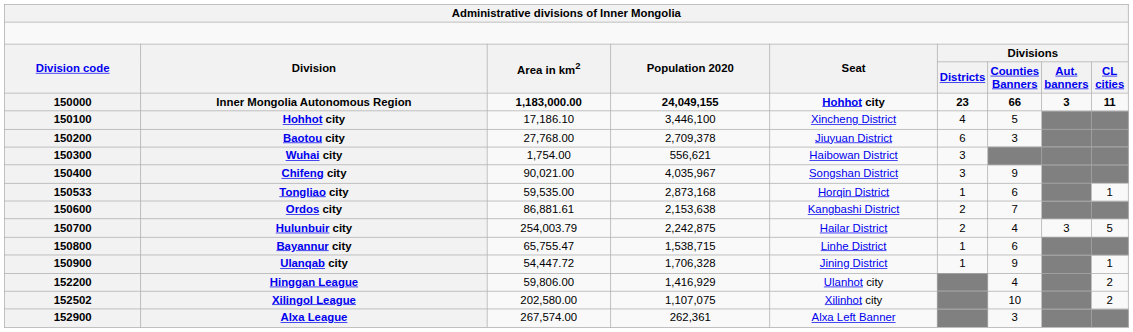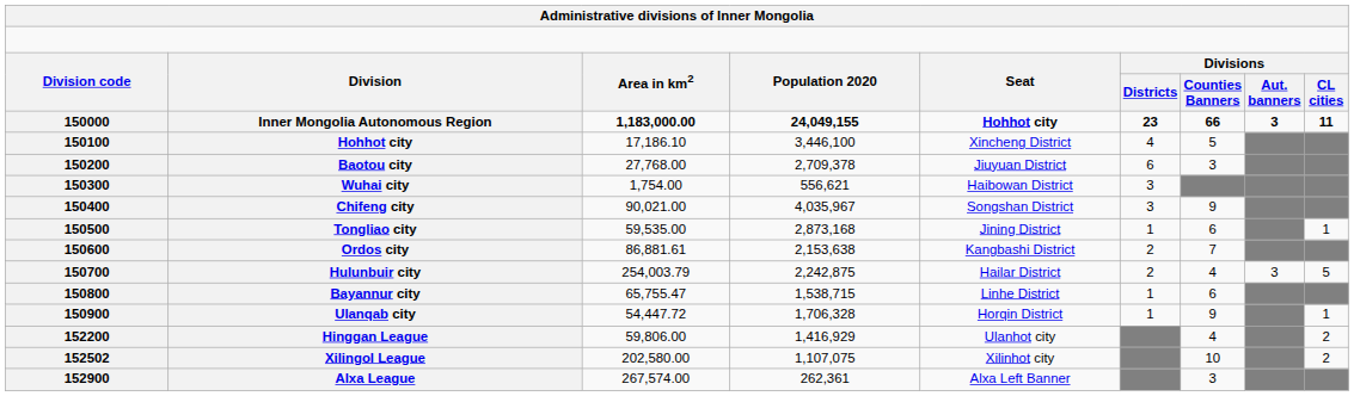 <table class="wikitable sortable" style="margin:1em auto 1em auto; width:100%; font-size:normal; text-align:center">
 <tr>
 <th colspan="9">Administrative divisions of Inner Mongolia</th>
 </tr>
 <tr>
 <td colspan="9" style="font-size:larger;"><div><br>                </div></td>
 </tr>
 <tr>
 <th ! scope="col" rowspan="2"><a href='#'>Division code</a></th>
 <th ! scope="col" rowspan="2">Division</th>
 <th ! scope="col" rowspan="2">Area in km<sup>2</sup></th>
 <th ! scope="col" rowspan="2">Population 2020</th>
 <th ! scope="col" rowspan="2">Seat</th>
 <th ! scope="col" colspan="4">Divisions</th>
 </tr>
 <tr>
 <th ! scope="col" width="45"><a href='#'>Districts</a></th>
 <th ! scope="col" width="45"><a href='#'>Counties</a> <a href='#'>Banners</a></th>
 <th ! scope="col" width="45"><a href='#'>Aut. banners</a></th>
 <th ! scope="col" width="45"><a href='#'>CL cities</a></th>
 </tr>
 <tr style="font-weight: bold">
 <th>150000</th>
 <th>Inner Mongolia Autonomous Region</th>
 <td>1,183,000.00</td>
 <td>24,049,155</td>
 <td><a href='#'>Hohhot</a> city</td>
 <td>23</td>
 <td>66</td>
 <td>3</td>
 <td>11</td>
 </tr>
 <tr>
 <th>150100</th>
 <th><a href='#'>Hohhot</a> city</th>
 <td>17,186.10</td>
 <td>3,446,100</td>
 <td><a href='#'>Xincheng District</a></td>
 <td>4</td>
 <td>5</td>
 <td bgcolor="grey"></td>
 <td bgcolor="grey"></td>
 </tr>
 <tr>
 <th>150200</th>
 <th><a href='#'>Baotou</a> city</th>
 <td>27,768.00</td>
 <td>2,709,378</td>
 <td><a href='#'>Jiuyuan District</a></td>
 <td>6</td>
 <td>3</td>
 <td bgcolor="grey"></td>
 <td bgcolor="grey"></td>
 </tr>
 <tr>
 <th>150300</th>
 <th><a href='#'>Wuhai</a> city</th>
 <td>1,754.00</td>
 <td>556,621</td>
 <td><a href='#'>Haibowan District</a></td>
 <td>3</td>
 <td bgcolor="grey"></td>
 <td bgcolor="grey"></td>
 <td bgcolor="grey"></td>
 </tr>
 <tr>
 <th>150400</th>
 <th><a href='#'>Chifeng</a> city</th>
 <td>90,021.00</td>
 <td>4,035,967</td>
 <td><a href='#'>Songshan District</a></td>
 <td>3</td>
 <td>9</td>
 <td bgcolor="grey"></td>
 <td bgcolor="grey"></td>
 </tr>
 <tr>
-<th>150533</th>
+<th>150500</th>
 <th><a href='#'>Tongliao</a> city</th>
 <td>59,535.00</td>
 <td>2,873,168</td>
-<td><a href='#'>Horqin District</a></td>
+<td><a href='#'>Jining District</a></td>
 <td>1</td>
 <td>6</td>
 <td bgcolor="grey"></td>
 <td>1</td>
 </tr>
 <tr>
 <th>150600</th>
 <th><a href='#'>Ordos</a> city</th>
 <td>86,881.61</td>
 <td>2,153,638</td>
 <td><a href='#'>Kangbashi District</a></td>
 <td>2</td>
 <td>7</td>
 <td bgcolor="grey"></td>
 <td bgcolor="grey"></td>
 </tr>
 <tr>
 <th>150700</th>
 <th><a href='#'>Hulunbuir</a> city</th>
 <td>254,003.79</td>
 <td>2,242,875</td>
 <td><a href='#'>Hailar District</a></td>
 <td>2</td>
 <td>4</td>
 <td>3</td>
 <td>5</td>
 </tr>
 <tr>
 <th>150800</th>
 <th><a href='#'>Bayannur</a> city</th>
 <td>65,755.47</td>
 <td>1,538,715</td>
 <td><a href='#'>Linhe District</a></td>
 <td>1</td>
 <td>6</td>
 <td bgcolor="grey"></td>
 <td bgcolor="grey"></td>
 </tr>
 <tr>
 <th>150900</th>
 <th><a href='#'>Ulanqab</a> city</th>
 <td>54,447.72</td>
 <td>1,706,328</td>
-<td><a href='#'>Jining District</a></td>
+<td><a href='#'>Horqin District</a></td>
 <td>1</td>
 <td>9</td>
 <td bgcolor="grey"></td>
 <td>1</td>
 </tr>
 <tr>
 <th>152200</th>
 <th><a href='#'>Hinggan League</a></th>
 <td>59,806.00</td>
 <td>1,416,929</td>
 <td><a href='#'>Ulanhot</a> city</td>
 <td bgcolor="grey"></td>
 <td>4</td>
 <td bgcolor="grey"></td>
 <td>2</td>
 </tr>
 <tr>
 <th>152502</th>
 <th><a href='#'>Xilingol League</a></th>
 <td>202,580.00</td>
 <td>1,107,075</td>
 <td><a href='#'>Xilinhot</a> city</td>
 <td bgcolor="grey"></td>
 <td>10</td>
 <td bgcolor="grey"></td>
 <td>2</td>
 </tr>
 <tr>
 <th>152900</th>
 <th><a href='#'>Alxa League</a></th>
 <td>267,574.00</td>
 <td>262,361</td>
 <td><a href='#'>Alxa Left Banner</a></td>
 <td bgcolor="grey"></td>
 <td>3</td>
 <td bgcolor="grey"></td>
 <td bgcolor="grey"></td>
 </tr>
 </table>
